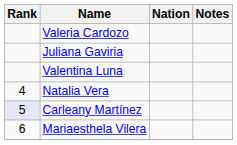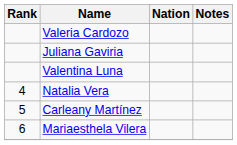 <table class="wikitable sortable" style="text-align:center">
 <tr>
 <th>Rank</th>
 <th>Name</th>
 <th>Nation</th>
 <th>Notes</th>
 </tr>
 <tr>
 <td></td>
 <td align=left><a href='#'>Valeria Cardozo</a></td>
 <td align=left></td>
 <td></td>
 </tr>
 <tr>
 <td></td>
 <td align=left><a href='#'>Juliana Gaviria</a></td>
 <td align=left></td>
 <td></td>
 </tr>
 <tr>
 <td></td>
 <td align=left><a href='#'>Valentina Luna</a></td>
 <td align=left></td>
 <td></td>
 </tr>
 <tr>
 <td>4</td>
 <td align=left><a href='#'>Natalia Vera</a></td>
 <td align=left></td>
 <td></td>
 </tr>
 <tr>
-<td style="background: lavender;">5</td>
+<td>5</td>
 <td align=left><a href='#'>Carleany Martínez</a></td>
 <td align=left></td>
 <td></td>
 </tr>
 <tr>
 <td>6</td>
 <td align=left><a href='#'>Mariaesthela Vilera</a></td>
 <td align=left></td>
 <td></td>
 </tr>
 <tr>
 </tr>
 </table>
